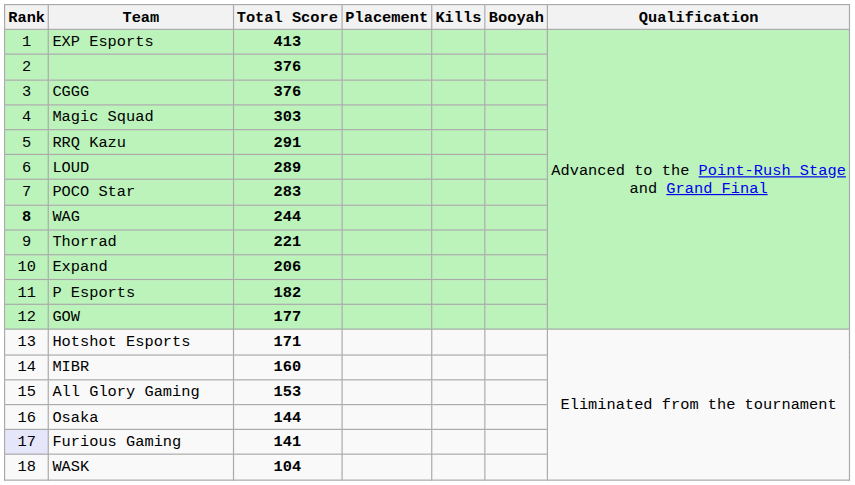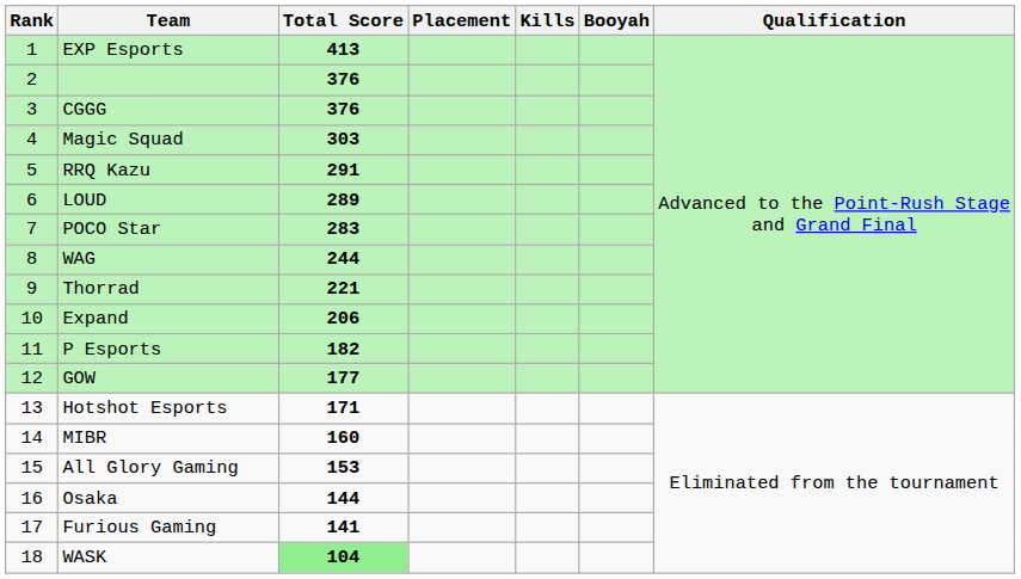 <table class="wikitable" style="text-align:center">
 <tr>
 <th>Rank</th>
 <th width="150px">Team</th>
 <th>Total Score</th>
 <th>Placement</th>
 <th>Kills</th>
 <th>Booyah</th>
 <th>Qualification</th>
 </tr>
 <tr>
 <td style="background:#BBF3BB">1</td>
 <td style="background:#BBF3BB" align=left> EXP Esports</td>
 <td style="background:#BBF3BB"><strong>413</strong></td>
 <td style="background:#BBF3BB"></td>
 <td style="background:#BBF3BB"></td>
 <td style="background:#BBF3BB"></td>
 <td style="background:#BBF3BB" rowspan="12">Advanced to the <a href='#'>Point-Rush Stage</a> <br> and <a href='#'>Grand Final</a></td>
 </tr>
 <tr>
 <td style="background:#BBF3BB">2</td>
 <td style="background:#BBF3BB" align=left></td>
 <td style="background:#BBF3BB"><strong>376</strong></td>
 <td style="background:#BBF3BB"></td>
 <td style="background:#BBF3BB"></td>
 <td style="background:#BBF3BB"></td>
 </tr>
 <tr>
 <td style="background:#BBF3BB">3</td>
 <td style="background:#BBF3BB" align=left> CGGG</td>
 <td style="background:#BBF3BB"><strong>376</strong></td>
 <td style="background:#BBF3BB"></td>
 <td style="background:#BBF3BB"></td>
 <td style="background:#BBF3BB"></td>
 </tr>
 <tr>
 <td style="background:#BBF3BB">4</td>
 <td style="background:#BBF3BB" align=left> Magic Squad</td>
 <td style="background:#BBF3BB"><strong>303</strong></td>
 <td style="background:#BBF3BB"></td>
 <td style="background:#BBF3BB"></td>
 <td style="background:#BBF3BB"></td>
 </tr>
 <tr>
 <td style="background:#BBF3BB">5</td>
 <td style="background:#BBF3BB" align=left> RRQ Kazu</td>
 <td style="background:#BBF3BB"><strong>291</strong></td>
 <td style="background:#BBF3BB"></td>
 <td style="background:#BBF3BB"></td>
 <td style="background:#BBF3BB"></td>
 </tr>
 <tr>
 <td style="background:#BBF3BB">6</td>
 <td style="background:#BBF3BB" align=left> LOUD</td>
 <td style="background:#BBF3BB"><strong>289</strong></td>
 <td style="background:#BBF3BB"></td>
 <td style="background:#BBF3BB"></td>
 <td style="background:#BBF3BB"></td>
 </tr>
 <tr>
 <td style="background:#BBF3BB">7</td>
 <td style="background:#BBF3BB" align=left> POCO Star</td>
 <td style="background:#BBF3BB"><strong>283</strong></td>
 <td style="background:#BBF3BB"></td>
 <td style="background:#BBF3BB"></td>
 <td style="background:#BBF3BB"></td>
 </tr>
 <tr>
-<td style="background:#BBF3BB"><strong>8</strong></td>
+<td style="background:#BBF3BB">8</td>
 <td style="background:#BBF3BB" align=left> WAG</td>
 <td style="background:#BBF3BB"><strong>244</strong></td>
 <td style="background:#BBF3BB"></td>
 <td style="background:#BBF3BB"></td>
 <td style="background:#BBF3BB"></td>
 </tr>
 <tr>
 <td style="background:#BBF3BB">9</td>
 <td style="background:#BBF3BB" align=left> Thorrad</td>
 <td style="background:#BBF3BB"><strong>221</strong></td>
 <td style="background:#BBF3BB"></td>
 <td style="background:#BBF3BB"></td>
 <td style="background:#BBF3BB"></td>
 </tr>
 <tr>
 <td style="background:#BBF3BB">10</td>
 <td style="background:#BBF3BB" align=left> Expand</td>
 <td style="background:#BBF3BB"><strong>206</strong></td>
 <td style="background:#BBF3BB"></td>
 <td style="background:#BBF3BB"></td>
 <td style="background:#BBF3BB"></td>
 </tr>
 <tr>
 <td style="background:#BBF3BB">11</td>
 <td style="background:#BBF3BB" align=left> P Esports</td>
 <td style="background:#BBF3BB"><strong>182</strong></td>
 <td style="background:#BBF3BB"></td>
 <td style="background:#BBF3BB"></td>
 <td style="background:#BBF3BB"></td>
 </tr>
 <tr>
 <td style="background:#BBF3BB">12</td>
 <td style="background:#BBF3BB" align=left> GOW</td>
 <td style="background:#BBF3BB"><strong>177</strong></td>
 <td style="background:#BBF3BB"></td>
 <td style="background:#BBF3BB"></td>
 <td style="background:#BBF3BB"></td>
 </tr>
 <tr>
 <td>13</td>
 <td align=left> Hotshot Esports</td>
 <td><strong>171</strong></td>
 <td></td>
 <td></td>
 <td></td>
 <td rowspan="6">Eliminated from the tournament</td>
 </tr>
 <tr>
 <td>14</td>
 <td align=left> MIBR</td>
 <td><strong>160</strong></td>
 <td></td>
 <td></td>
 <td></td>
 </tr>
 <tr>
 <td>15</td>
 <td align=left> All Glory Gaming</td>
 <td><strong>153</strong></td>
 <td></td>
 <td></td>
 <td></td>
 </tr>
 <tr>
 <td>16</td>
 <td align=left> Osaka</td>
 <td><strong>144</strong></td>
 <td></td>
 <td></td>
 <td></td>
 </tr>
 <tr>
-<td style="background: lavender;">17</td>
+<td>17</td>
 <td align=left> Furious Gaming</td>
 <td><strong>141</strong></td>
 <td></td>
 <td></td>
 <td></td>
 </tr>
 <tr>
 <td>18</td>
 <td align=left> WASK</td>
-<td><strong>104</strong></td>
+<td style="background: lightgreen;"><strong>104</strong></td>
 <td></td>
 <td></td>
 <td></td>
 </tr>
 </table>
